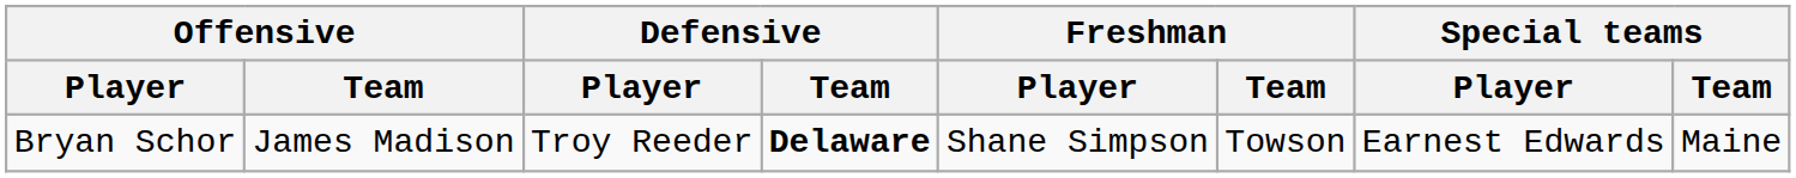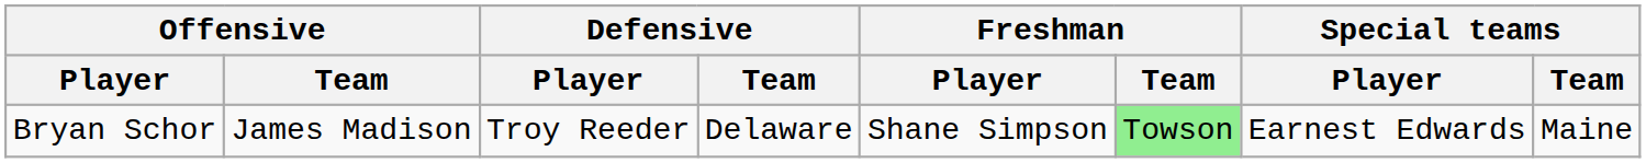 <table class="wikitable" border="1">
 <tr>
 <th colspan="2">Offensive</th>
 <th colspan="2">Defensive</th>
 <th colspan="2">Freshman</th>
 <th colspan="2">Special teams</th>
 </tr>
 <tr>
 <th>Player</th>
 <th>Team</th>
 <th>Player</th>
 <th>Team</th>
 <th>Player</th>
 <th>Team</th>
 <th>Player</th>
 <th>Team</th>
 </tr>
 <tr>
 <td>Bryan Schor</td>
 <td>James Madison</td>
 <td>Troy Reeder</td>
-<td><strong>Delaware</strong></td>
+<td>Delaware</td>
 <td>Shane Simpson</td>
-<td>Towson</td>
+<td style="background: lightgreen;">Towson</td>
 <td>Earnest Edwards</td>
 <td>Maine</td>
 </tr>
 </table>
